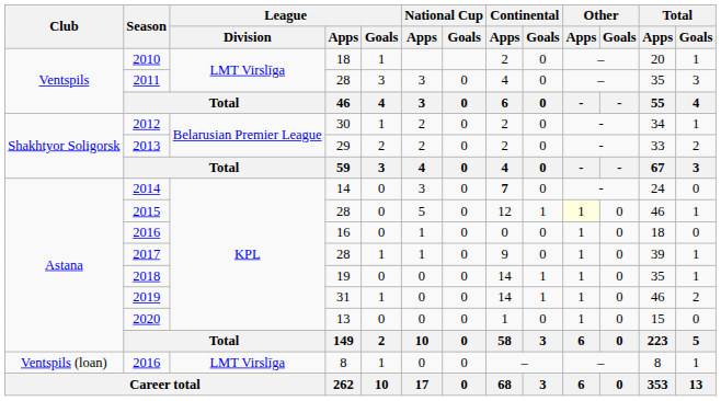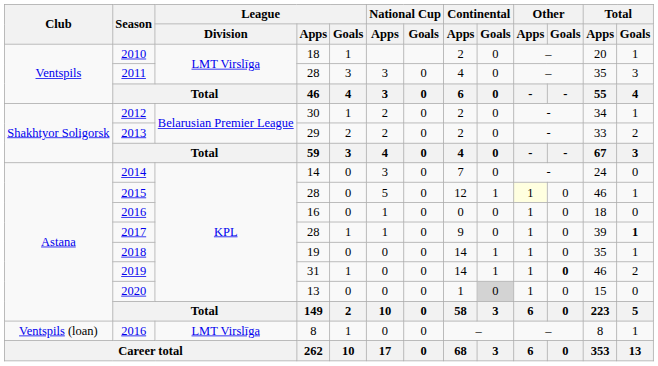 <table class="wikitable" style="text-align: center;">
 <tr>
 <th rowspan="2">Club</th>
 <th rowspan="2">Season</th>
 <th colspan="3">League</th>
 <th colspan="2">National Cup</th>
 <th colspan="2">Continental</th>
 <th colspan="2">Other</th>
 <th colspan="2">Total</th>
 </tr>
 <tr>
 <th>Division</th>
 <th>Apps</th>
 <th>Goals</th>
 <th>Apps</th>
 <th>Goals</th>
 <th>Apps</th>
 <th>Goals</th>
 <th>Apps</th>
 <th>Goals</th>
 <th>Apps</th>
 <th>Goals</th>
 </tr>
 <tr>
 <td rowspan="3" valign="center"><a href='#'>Ventspils</a></td>
 <td><a href='#'>2010</a></td>
 <td rowspan="2" valign="center"><a href='#'>LMT Virslīga</a></td>
 <td>18</td>
 <td>1</td>
 <td></td>
 <td></td>
 <td>2</td>
 <td>0</td>
 <td colspan="2">–</td>
 <td>20</td>
 <td>1</td>
 </tr>
 <tr>
 <td><a href='#'>2011</a></td>
 <td>28</td>
 <td>3</td>
 <td>3</td>
 <td>0</td>
 <td>4</td>
 <td>0</td>
 <td colspan="2">–</td>
 <td>35</td>
 <td>3</td>
 </tr>
 <tr>
 <th colspan="2">Total</th>
 <th>46</th>
 <th>4</th>
 <th>3</th>
 <th>0</th>
 <th>6</th>
 <th>0</th>
 <th>-</th>
 <th>-</th>
 <th>55</th>
 <th>4</th>
 </tr>
 <tr>
 <td rowspan="3" valign="center"><a href='#'>Shakhtyor Soligorsk</a></td>
 <td><a href='#'>2012</a></td>
 <td rowspan="2" valign="center"><a href='#'>Belarusian Premier League</a></td>
 <td>30</td>
 <td>1</td>
 <td>2</td>
 <td>0</td>
 <td>2</td>
 <td>0</td>
 <td colspan="2">-</td>
 <td>34</td>
 <td>1</td>
 </tr>
 <tr>
 <td><a href='#'>2013</a></td>
 <td>29</td>
 <td>2</td>
 <td>2</td>
 <td>0</td>
 <td>2</td>
 <td>0</td>
 <td colspan="2">-</td>
 <td>33</td>
 <td>2</td>
 </tr>
 <tr>
 <th colspan="2">Total</th>
 <th>59</th>
 <th>3</th>
 <th>4</th>
 <th>0</th>
 <th>4</th>
 <th>0</th>
 <th>-</th>
 <th>-</th>
 <th>67</th>
 <th>3</th>
 </tr>
 <tr>
 <td rowspan="8" valign="center"><a href='#'>Astana</a></td>
 <td><a href='#'>2014</a></td>
 <td rowspan="7" valign="center"><a href='#'>KPL</a></td>
 <td>14</td>
 <td>0</td>
 <td>3</td>
 <td>0</td>
-<td><strong>7</strong></td>
+<td>7</td>
 <td>0</td>
 <td colspan="2">-</td>
 <td>24</td>
 <td>0</td>
 </tr>
 <tr>
 <td><a href='#'>2015</a></td>
 <td>28</td>
 <td>0</td>
 <td>5</td>
 <td>0</td>
 <td>12</td>
 <td>1</td>
 <td style="background: lightyellow;">1</td>
 <td>0</td>
 <td>46</td>
 <td>1</td>
 </tr>
 <tr>
 <td><a href='#'>2016</a></td>
 <td>16</td>
 <td>0</td>
 <td>1</td>
 <td>0</td>
 <td>0</td>
 <td>0</td>
 <td>1</td>
 <td>0</td>
 <td>18</td>
 <td>0</td>
 </tr>
 <tr>
 <td><a href='#'>2017</a></td>
 <td>28</td>
 <td>1</td>
 <td>1</td>
 <td>0</td>
 <td>9</td>
 <td>0</td>
 <td>1</td>
 <td>0</td>
 <td>39</td>
-<td>1</td>
+<td><strong>1</strong></td>
 </tr>
 <tr>
 <td><a href='#'>2018</a></td>
 <td>19</td>
 <td>0</td>
 <td>0</td>
 <td>0</td>
 <td>14</td>
 <td>1</td>
 <td>1</td>
 <td>0</td>
 <td>35</td>
 <td>1</td>
 </tr>
 <tr>
 <td><a href='#'>2019</a></td>
 <td>31</td>
 <td>1</td>
 <td>0</td>
 <td>0</td>
 <td>14</td>
 <td>1</td>
 <td>1</td>
-<td>0</td>
+<td><strong>0</strong></td>
 <td>46</td>
 <td>2</td>
 </tr>
 <tr>
 <td><a href='#'>2020</a></td>
 <td>13</td>
 <td>0</td>
 <td>0</td>
 <td>0</td>
 <td>1</td>
-<td>0</td>
+<td style="background: lightgrey;">0</td>
 <td>1</td>
 <td>0</td>
 <td>15</td>
 <td>0</td>
 </tr>
 <tr>
 <th colspan="2">Total</th>
 <th>149</th>
 <th>2</th>
 <th>10</th>
 <th>0</th>
 <th>58</th>
 <th>3</th>
 <th>6</th>
 <th>0</th>
 <th>223</th>
 <th>5</th>
 </tr>
 <tr>
 <td valign="center"><a href='#'>Ventspils</a> (loan)</td>
 <td><a href='#'>2016</a></td>
 <td><a href='#'>LMT Virslīga</a></td>
 <td>8</td>
 <td>1</td>
 <td>0</td>
 <td>0</td>
 <td colspan="2">–</td>
 <td colspan="2">–</td>
 <td>8</td>
 <td>1</td>
 </tr>
 <tr>
 <th colspan="3">Career total</th>
 <th>262</th>
 <th>10</th>
 <th>17</th>
 <th>0</th>
 <th>68</th>
 <th>3</th>
 <th>6</th>
 <th>0</th>
 <th>353</th>
 <th>13</th>
 </tr>
 </table>
